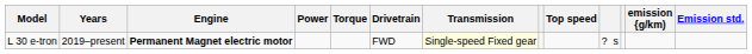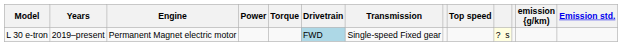 <table class="wikitable" style="font-size: 90%">
 <tr>
 <th>Model</th>
 <th>Years</th>
 <th>Engine</th>
 <th>Power</th>
 <th>Torque</th>
 <th>Drivetrain</th>
 <th>Transmission</th>
 <th></th>
 <th>Top speed</th>
 <th></th>
 <th></th>
 <th> emission<br>{g/km)</th>
 <th><a href='#'>Emission std.</a></th>
 </tr>
 <tr>
 <td>L 30 e-tron</td>
 <td>2019–present</td>
-<td><strong>Permanent Magnet electric motor</strong></td>
+<td>Permanent Magnet electric motor</td>
 <td></td>
 <td></td>
-<td>FWD</td>
-<td style="background: lightyellow;">Single-speed Fixed gear</td>
+<td style="background: lightblue;">FWD</td>
+<td>Single-speed Fixed gear</td>
 <td></td>
 <td></td>
-<td>?  s</td>
+<td style="background: lightyellow;">?  s</td>
 <td></td>
 <td></td>
 </tr>
 </table>
